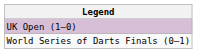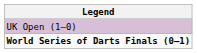 <table class="wikitable">
 <tr>
 <th>Legend</th>
 </tr>
 <tr style="background:thistle;">
 <td>UK Open (1–0)</td>
 </tr>
 <tr>
-<td>World Series of Darts Finals (0–1)</td>
+<td><strong>World Series of Darts Finals (0–1)</strong></td>
 </tr>
 </table>
